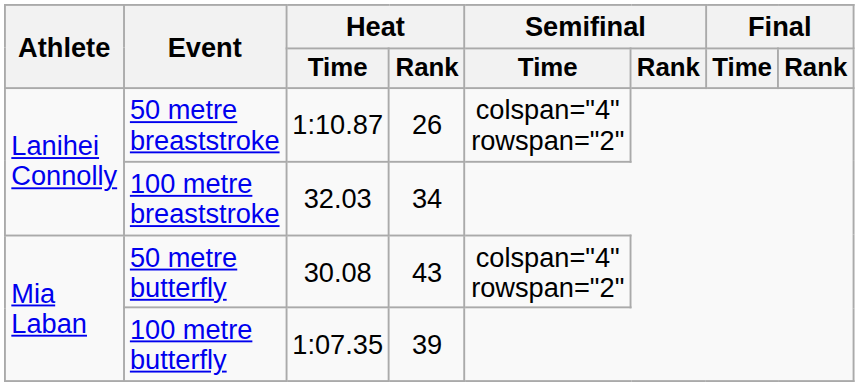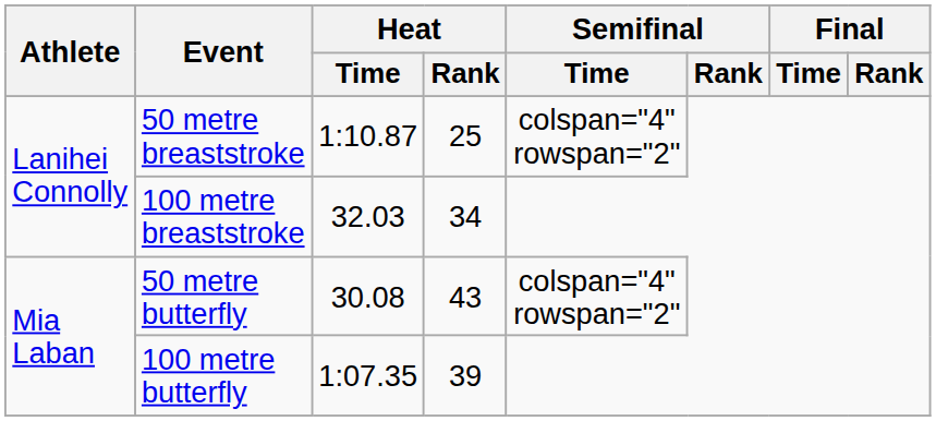 <table class="wikitable" style="text-align:center; font-size:90%; width:50%;">
 <tr>
 <th rowspan="2">Athlete</th>
 <th rowspan="2">Event</th>
 <th colspan="2">Heat</th>
 <th colspan="2">Semifinal</th>
 <th colspan="2">Final</th>
 </tr>
 <tr style="font-size:95%">
 <th>Time</th>
 <th>Rank</th>
 <th>Time</th>
 <th>Rank</th>
 <th>Time</th>
 <th>Rank</th>
 </tr>
 <tr>
 <td rowspan="2" align="left"><a href='#'>Lanihei Connolly</a></td>
 <td align="left"><a href='#'>50 metre breaststroke</a></td>
 <td>1:10.87</td>
-<td>26</td>
+<td>25</td>
 <td>colspan="4" rowspan="2"  </td>
 </tr>
 <tr>
 <td align="left"><a href='#'>100 metre breaststroke</a></td>
 <td>32.03</td>
 <td>34</td>
 </tr>
 <tr>
 <td rowspan="2" align="left"><a href='#'>Mia Laban</a></td>
 <td align="left"><a href='#'>50 metre butterfly</a></td>
 <td>30.08</td>
 <td>43</td>
 <td>colspan="4" rowspan="2"  </td>
 </tr>
 <tr>
 <td align="left"><a href='#'>100 metre butterfly</a></td>
 <td>1:07.35</td>
 <td>39</td>
 </tr>
 </table>
